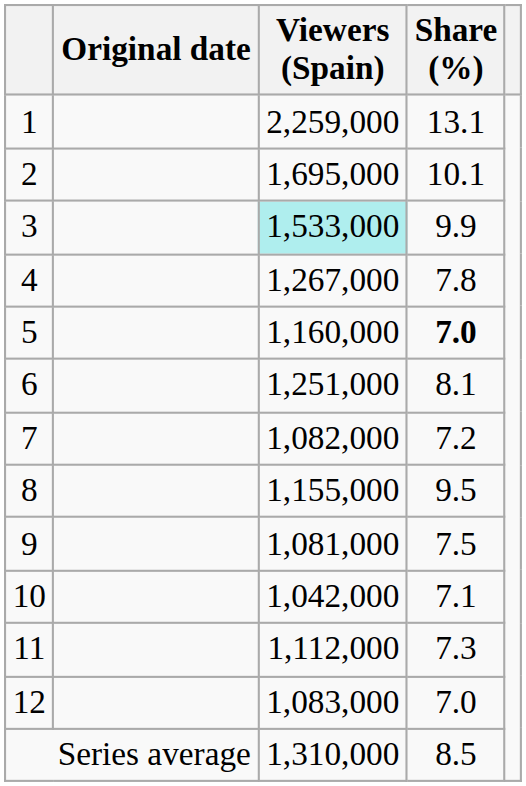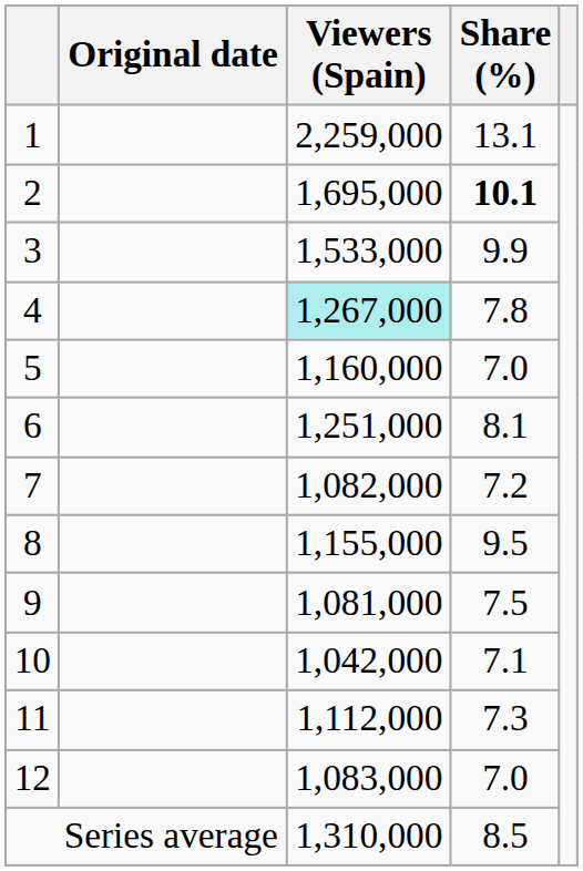 <table class="wikitable sortable plainrowheaders">
 <tr>
 <th></th>
 <th class = "unsortable">Original date</th>
 <th>Viewers<br>(Spain)</th>
 <th>Share<br>(%)</th>
 <th class = "unsortable"></th>
 </tr>
 <tr>
 <td align = "center">1</td>
 <td align = "center"></td>
 <td align = "right">2,259,000</td>
 <td align = "center">13.1</td>
 <td align = "center" rowspan = 13></td>
 </tr>
 <tr>
 <td align = "center">2</td>
 <td align = "center"></td>
 <td align = "right">1,695,000</td>
-<td align = center>10.1</td>
+<td align = center><strong>10.1</strong></td>
 </tr>
 <tr>
 <td align = "center">3</td>
 <td align = "center"></td>
-<td align = right style="background: paleturquoise;">1,533,000</td>
+<td align = right>1,533,000</td>
 <td align = center>9.9</td>
 </tr>
 <tr>
 <td align = "center">4</td>
 <td align = "center"></td>
-<td align = "right">1,267,000</td>
+<td align = "right" style="background: paleturquoise;">1,267,000</td>
 <td align = "center">7.8</td>
 </tr>
 <tr>
 <td align = "center">5</td>
 <td align = "center"></td>
 <td align = "right">1,160,000</td>
-<td align = "center"><strong>7.0</strong></td>
+<td align = "center">7.0</td>
 </tr>
 <tr>
 <td align = "center">6</td>
 <td align = "center"></td>
 <td align = "right">1,251,000</td>
 <td align = "center">8.1</td>
 </tr>
 <tr>
 <td align = "center">7</td>
 <td align = "center"></td>
 <td align = "right">1,082,000</td>
 <td align = "center">7.2</td>
 </tr>
 <tr>
 <td align = "center">8</td>
 <td align = "center"></td>
 <td align = "right">1,155,000</td>
 <td align = "center">9.5</td>
 </tr>
 <tr>
 <td align = "center">9</td>
 <td align = "center"></td>
 <td align = "right">1,081,000</td>
 <td align = "center">7.5</td>
 </tr>
 <tr>
 <td align = "center">10</td>
 <td align = "center"></td>
 <td align = "right">1,042,000</td>
 <td align = "center">7.1</td>
 </tr>
 <tr>
 <td align = "center">11</td>
 <td align = "center"></td>
 <td align = "right">1,112,000</td>
 <td align = "center">7.3</td>
 </tr>
 <tr>
 <td align = "center">12</td>
 <td align = "center"></td>
 <td align = "right">1,083,000</td>
 <td align = "center">7.0</td>
 </tr>
 <tr>
 <td colspan = 2 align = "right">Series average</td>
 <td align = "right">1,310,000</td>
 <td align = "center">8.5</td>
 </tr>
 </table>
